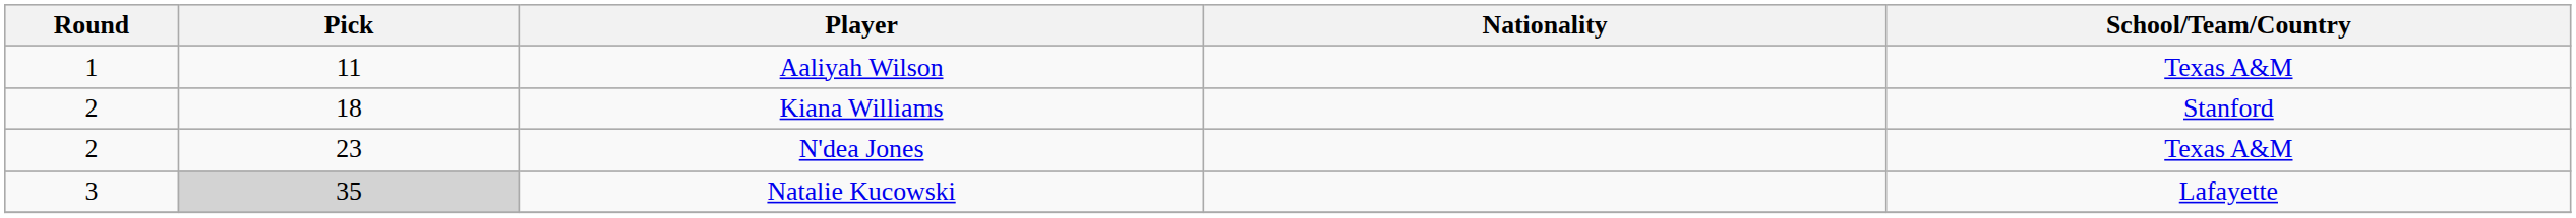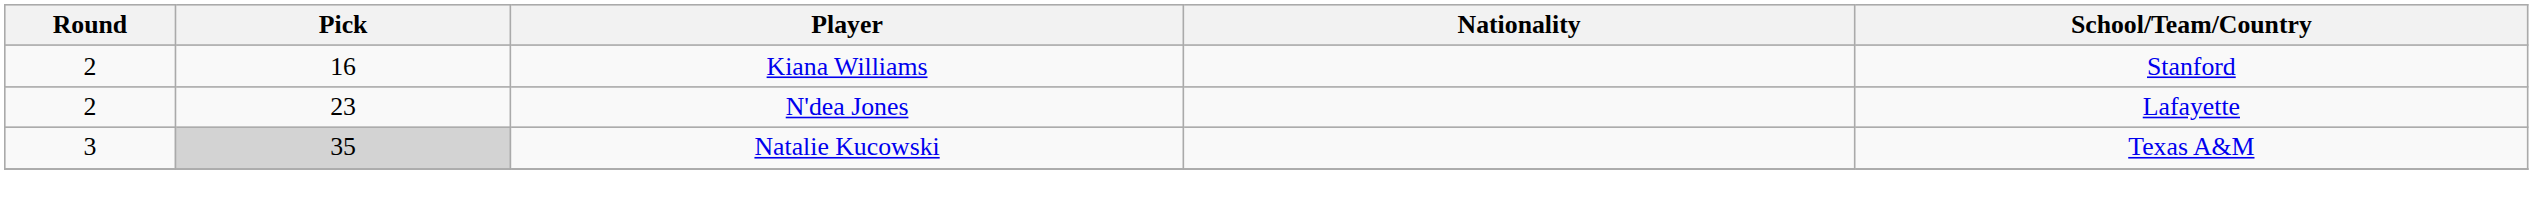 <table class="wikitable" style="text-align:center;">
 <tr>
 <th width="2%">Round</th>
 <th width="5%">Pick</th>
 <th width="10%">Player</th>
 <th width="10%">Nationality</th>
 <th width="10%">School/Team/Country</th>
 </tr>
 <tr>
-<td>1</td>
-<td>11</td>
-<td><a href='#'>Aaliyah Wilson</a></td>
-<td></td>
-<td><a href='#'>Texas A&M</a></td>
-</tr>
-<tr>
 <td>2</td>
-<td>18</td>
+<td>16</td>
 <td><a href='#'>Kiana Williams</a></td>
 <td></td>
 <td><a href='#'>Stanford</a></td>
 </tr>
 <tr>
 <td>2</td>
 <td>23</td>
 <td><a href='#'>N'dea Jones</a></td>
 <td></td>
-<td><a href='#'>Texas A&M</a></td>
+<td><a href='#'>Lafayette</a></td>
 </tr>
 <tr>
 <td>3</td>
 <td style="background: lightgrey;">35</td>
 <td><a href='#'>Natalie Kucowski</a></td>
 <td></td>
-<td><a href='#'>Lafayette</a></td>
+<td><a href='#'>Texas A&M</a></td>
 </tr>
 <tr>
 </tr>
 </table>
